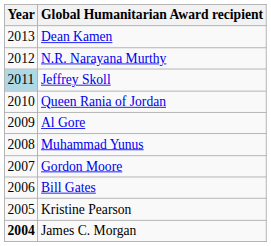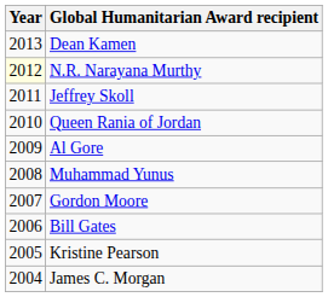 <table class="wikitable">
 <tr>
 <th>Year</th>
 <th>Global Humanitarian Award recipient</th>
 </tr>
 <tr>
 <td>2013</td>
 <td><a href='#'>Dean Kamen</a></td>
 </tr>
 <tr>
-<td>2012</td>
+<td style="background: lightyellow;">2012</td>
 <td><a href='#'>N.R. Narayana Murthy</a></td>
 </tr>
 <tr>
-<td style="background: lightblue;">2011</td>
+<td>2011</td>
 <td><a href='#'>Jeffrey Skoll</a></td>
 </tr>
 <tr>
 <td>2010</td>
 <td><a href='#'>Queen Rania of Jordan</a></td>
 </tr>
 <tr>
 <td>2009</td>
 <td><a href='#'>Al Gore</a></td>
 </tr>
 <tr>
 <td>2008</td>
 <td><a href='#'>Muhammad Yunus</a></td>
 </tr>
 <tr>
 <td>2007</td>
 <td><a href='#'>Gordon Moore</a></td>
 </tr>
 <tr>
 <td>2006</td>
 <td><a href='#'>Bill Gates</a></td>
 </tr>
 <tr>
 <td>2005</td>
 <td>Kristine Pearson</td>
 </tr>
 <tr>
-<td><strong>2004</strong></td>
+<td>2004</td>
 <td>James C. Morgan</td>
 </tr>
 </table>
